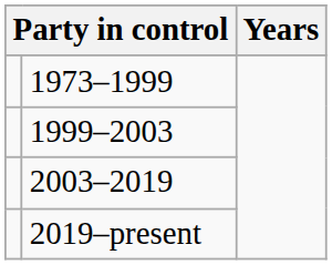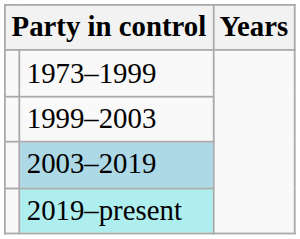 <table class="wikitable">
 <tr>
 <th colspan="2">Party in control</th>
 <th>Years</th>
 </tr>
 <tr>
 <td></td>
 <td>1973–1999</td>
 </tr>
 <tr>
 <td></td>
 <td>1999–2003</td>
 </tr>
 <tr>
 <td></td>
-<td>2003–2019</td>
+<td style="background: lightblue;">2003–2019</td>
 </tr>
 <tr>
 <td></td>
-<td>2019–present</td>
+<td style="background: paleturquoise;">2019–present</td>
 </tr>
 </table>
